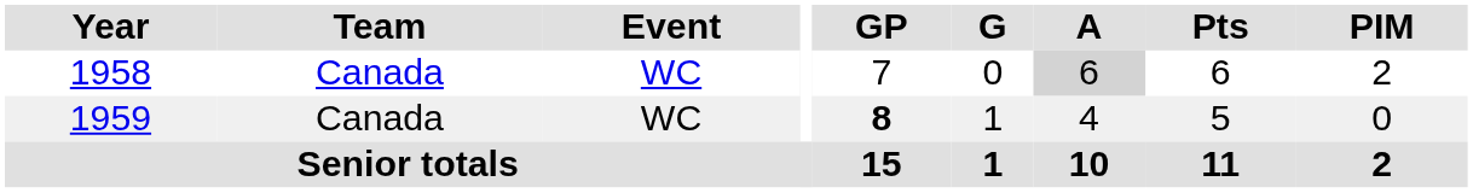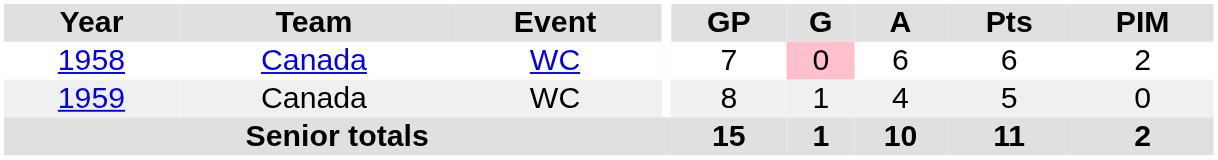 <table border="0" cellpadding="1" cellspacing="0" ID="Table3" style="text-align:center; width:40em">
 <tr bgcolor="#e0e0e0">
 <th>Year</th>
 <th>Team</th>
 <th>Event</th>
 <th rowspan="102" bgcolor="#ffffff"></th>
 <th>GP</th>
 <th>G</th>
 <th>A</th>
 <th>Pts</th>
 <th>PIM</th>
 </tr>
 <tr>
 <td><a href='#'>1958</a></td>
 <td><a href='#'>Canada</a></td>
 <td><a href='#'>WC</a></td>
 <td>7</td>
-<td>0</td>
-<td style="background: lightgrey;">6</td>
+<td style="background: pink;">0</td>
+<td>6</td>
 <td>6</td>
 <td>2</td>
 </tr>
 <tr bgcolor="#f0f0f0">
 <td><a href='#'>1959</a></td>
 <td>Canada</td>
 <td>WC</td>
-<td><strong>8</strong></td>
+<td>8</td>
 <td>1</td>
 <td>4</td>
 <td>5</td>
 <td>0</td>
 </tr>
 <tr bgcolor="#e0e0e0">
 <th colspan="4">Senior totals</th>
 <th>15</th>
 <th>1</th>
 <th>10</th>
 <th>11</th>
 <th>2</th>
 </tr>
 </table>
